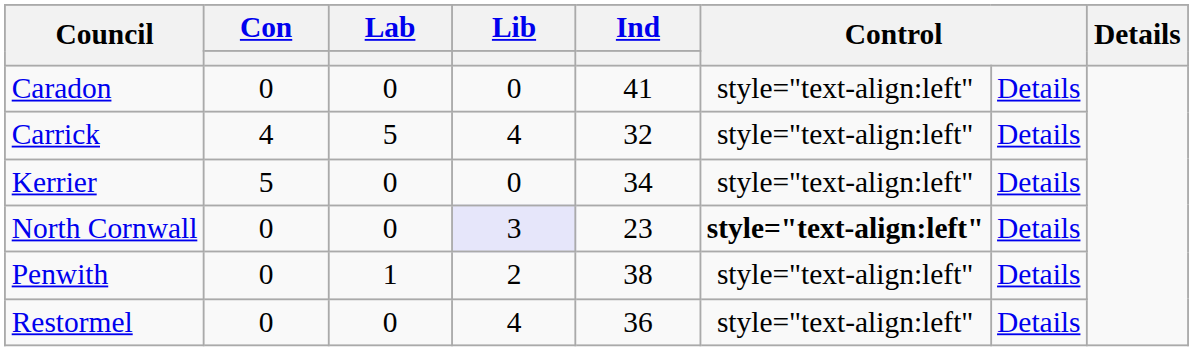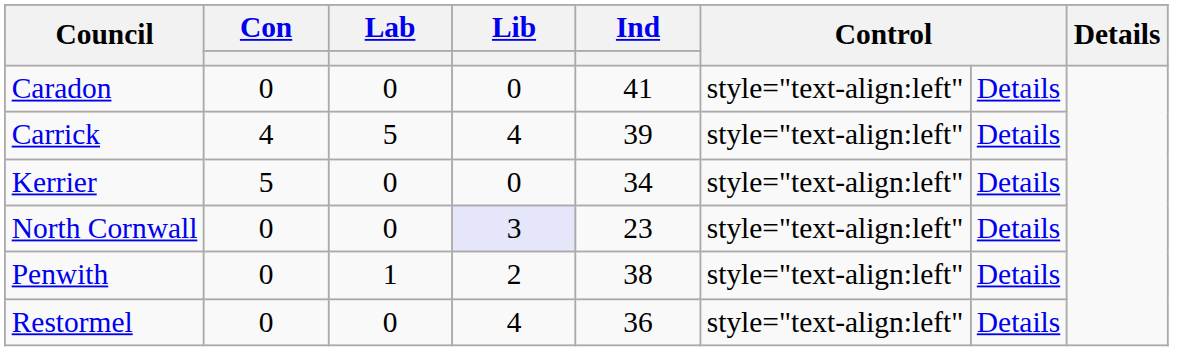 <table class="wikitable" style="text-align:center;">
 <tr>
 <th rowspan=2>Council</th>
 <th style="width:60px;"><a href='#'>Con</a></th>
 <th style="width:60px;"><a href='#'>Lab</a></th>
 <th style="width:60px;"><a href='#'>Lib</a></th>
 <th style="width:60px;"><a href='#'>Ind</a></th>
 <th rowspan=2 colspan=2>Control</th>
 <th rowspan=2>Details</th>
 </tr>
 <tr>
 <th style="background:"></th>
 <th style="background:"></th>
 <th style="background:"></th>
 <th style="background:"></th>
 </tr>
 <tr>
 <td style="text-align:left"><a href='#'>Caradon</a></td>
 <td>0</td>
 <td>0</td>
 <td>0</td>
 <td>41</td>
 <td>style="text-align:left" </td>
 <td style="text-align:left"><a href='#'>Details</a></td>
 </tr>
 <tr>
 <td style="text-align:left"><a href='#'>Carrick</a></td>
 <td>4</td>
 <td>5</td>
 <td>4</td>
-<td>32</td>
+<td>39</td>
 <td>style="text-align:left" </td>
 <td style="text-align:left"><a href='#'>Details</a></td>
 </tr>
 <tr>
 <td style="text-align:left"><a href='#'>Kerrier</a></td>
 <td>5</td>
 <td>0</td>
 <td>0</td>
 <td>34</td>
 <td>style="text-align:left" </td>
 <td style="text-align:left"><a href='#'>Details</a></td>
 </tr>
 <tr>
 <td style="text-align:left"><a href='#'>North Cornwall</a></td>
 <td>0</td>
 <td>0</td>
 <td style="background: lavender;">3</td>
 <td>23</td>
-<td><strong>style="text-align:left" </strong></td>
+<td>style="text-align:left" </td>
 <td style="text-align:left"><a href='#'>Details</a></td>
 </tr>
 <tr>
 <td style="text-align:left"><a href='#'>Penwith</a></td>
 <td>0</td>
 <td>1</td>
 <td>2</td>
 <td>38</td>
 <td>style="text-align:left" </td>
 <td style="text-align:left"><a href='#'>Details</a></td>
 </tr>
 <tr>
 <td style="text-align:left"><a href='#'>Restormel</a></td>
 <td>0</td>
 <td>0</td>
 <td>4</td>
 <td>36</td>
 <td>style="text-align:left" </td>
 <td style="text-align:left"><a href='#'>Details</a></td>
 </tr>
 </table>
